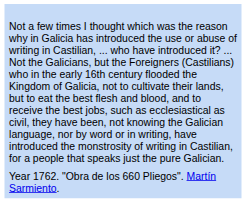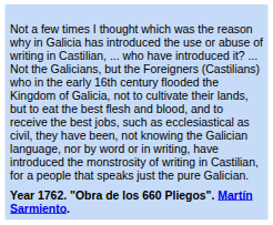 <table class="toccolours" style="float: right; margin-left: 1em; margin-right: 1em; font-size: 87%; background:#c6dbf7; color:black; width:23em; max-width: 25%;" cellspacing="5">
 <tr>
 <td style="text-align: left;"><br>Not a few times I thought which was the reason why in Galicia has introduced the use or abuse of writing in Castilian, ... who have introduced it? ... Not the Galicians, but the Foreigners (Castilians) who in the early 16th century flooded the Kingdom of Galicia, not to cultivate their lands, but to eat the best flesh and blood, and to receive the best jobs, such as ecclesiastical as civil, they have been, not knowing the Galician language, nor by word or in writing, have introduced the monstrosity of writing in Castilian, for a people that speaks just the pure Galician.</td>
 </tr>
 <tr>
-<td style="text-align: left;">Year 1762. "Obra de los 660 Pliegos". <a href='#'>Martín Sarmiento</a>.</td>
+<td style="text-align: left;"><strong>Year 1762. "Obra de los 660 Pliegos". <a href='#'>Martín Sarmiento</a>.</strong></td>
 </tr>
 </table>
